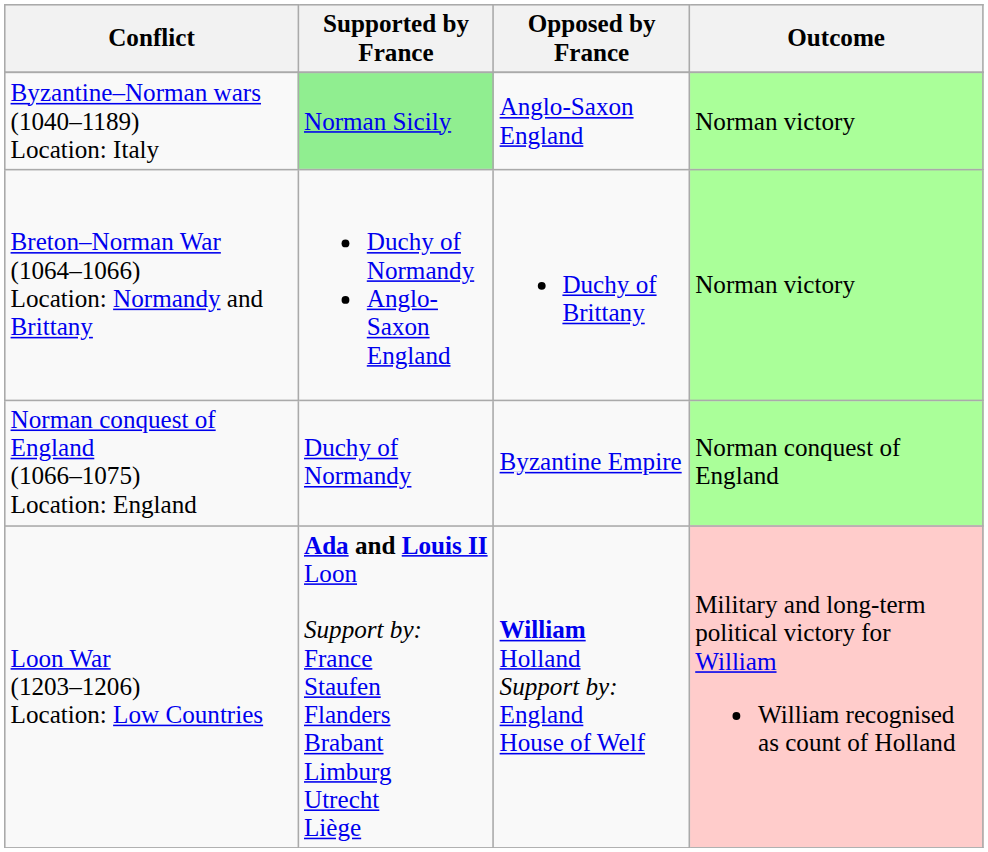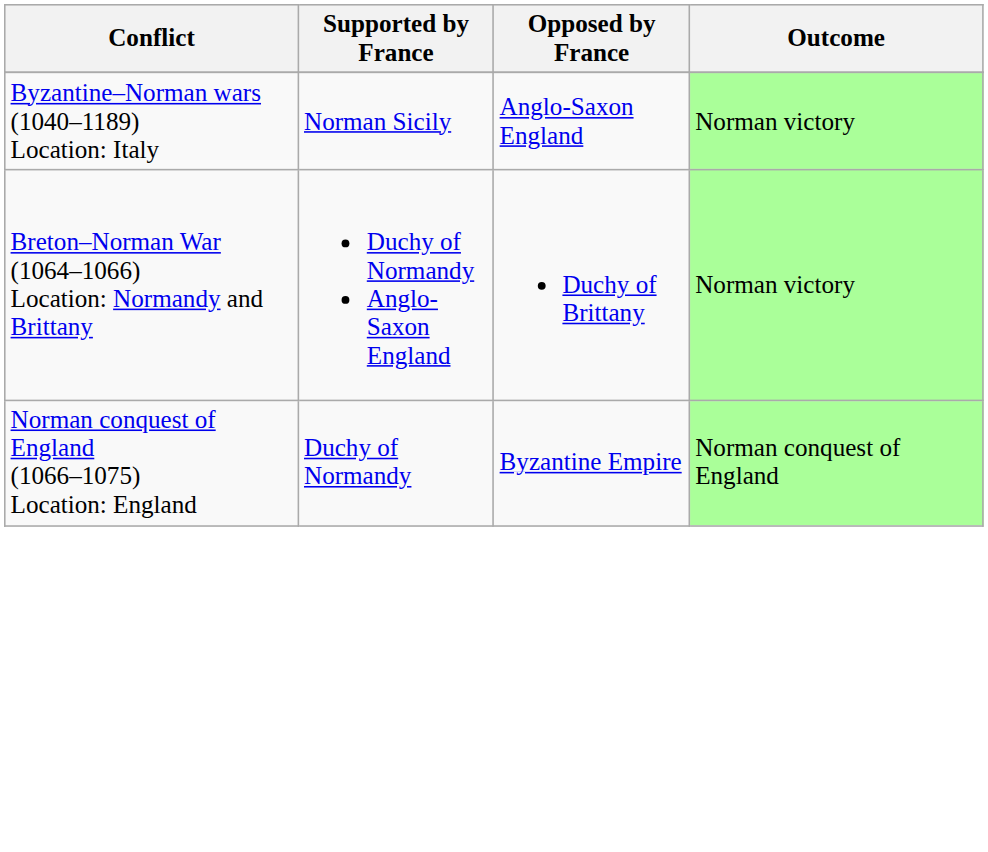 <table class="wikitable sortable" width="100%">
 <tr>
 <th rowspan="1" width=30%>Conflict</th>
 <th rowspan="1" width=20%>Supported by France</th>
 <th rowspan="1" width=20%>Opposed by France</th>
 <th rowspan="1" width=30%>Outcome</th>
 </tr>
 <tr>
 </tr>
 <tr>
 <td><a href='#'>Byzantine–Norman wars</a><br>(1040–1189)<br>Location: Italy</td>
-<td style="background: lightgreen;"><a href='#'>Norman Sicily</a></td>
+<td><a href='#'>Norman Sicily</a></td>
 <td><a href='#'>Anglo-Saxon England</a></td>
 <td bgcolor="#AF9">Norman victory</td>
 </tr>
 <tr>
 <td><a href='#'>Breton–Norman War</a><br>(1064–1066)<br>Location: <a href='#'>Normandy</a> and <a href='#'>Brittany</a></td>
 <td><br><ul><li><a href='#'>Duchy of Normandy</a></li><li><a href='#'>Anglo-Saxon England</a></li></ul></td>
 <td><br><ul><li><a href='#'>Duchy of Brittany</a></li></ul></td>
 <td bgcolor="#AF9">Norman victory</td>
 </tr>
 <tr>
 <td><a href='#'>Norman conquest of England</a><br>(1066–1075)<br>Location: England</td>
 <td><a href='#'>Duchy of Normandy</a></td>
 <td><a href='#'>Byzantine Empire</a></td>
 <td bgcolor="#AF9">Norman conquest of England</td>
 </tr>
-<tr>
-<td><a href='#'>Loon War</a><br>(1203–1206)<br>Location: <a href='#'>Low Countries</a></td>
-<td><strong><a href='#'>Ada</a> and <a href='#'>Louis II</a></strong><br> <a href='#'>Loon</a><br><br> <em>Support by:</em><br> <a href='#'>France</a><br> <a href='#'>Staufen</a><br> <a href='#'>Flanders</a><br>  <a href='#'>Brabant</a><br> <a href='#'>Limburg</a><br> <a href='#'>Utrecht</a><br> <a href='#'>Liège</a> </td>
-<td><strong><a href='#'>William</a></strong><br> <a href='#'>Holland</a><br><em>Support by:</em><br> <a href='#'>England</a><br> <a href='#'>House of Welf</a></td>
-<td bgcolor="#FFCCCB">Military and long-term political victory for <a href='#'>William</a><br><ul><li>William recognised as count of Holland</li></ul></td>
-</tr>
 </table>
